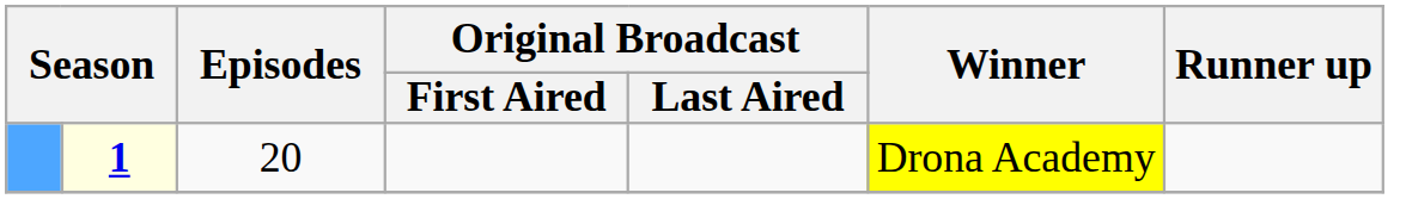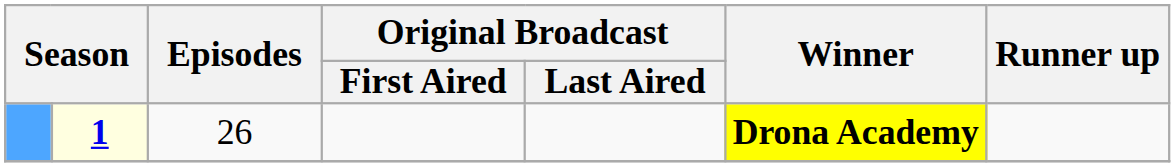 <table class="wikitable" style="text-align:center">
 <tr>
 <th style="padding: 0 8px" colspan="2" rowspan="2">Season</th>
 <th style="padding: 0 8px" rowspan="2">Episodes</th>
 <th colspan="2">Original Broadcast</th>
 <th rowspan="2">Winner</th>
 <th rowspan="2">Runner up</th>
 </tr>
 <tr>
 <th style="padding: 0 8px">First Aired</th>
 <th style="padding: 0 8px">Last Aired</th>
 </tr>
 <tr>
 <td style="background:#4da6ff"></td>
 <td align="center" style="background: lightyellow;"><strong><a href='#'>1</a></strong></td>
-<td align="center">20</td>
+<td align="center">26</td>
 <td align="center"></td>
 <td></td>
-<td style="background:yellow;">Drona Academy</td>
+<td style="background:yellow;"><strong>Drona Academy</strong></td>
 <td></td>
 </tr>
 <tr>
 </tr>
 </table>
